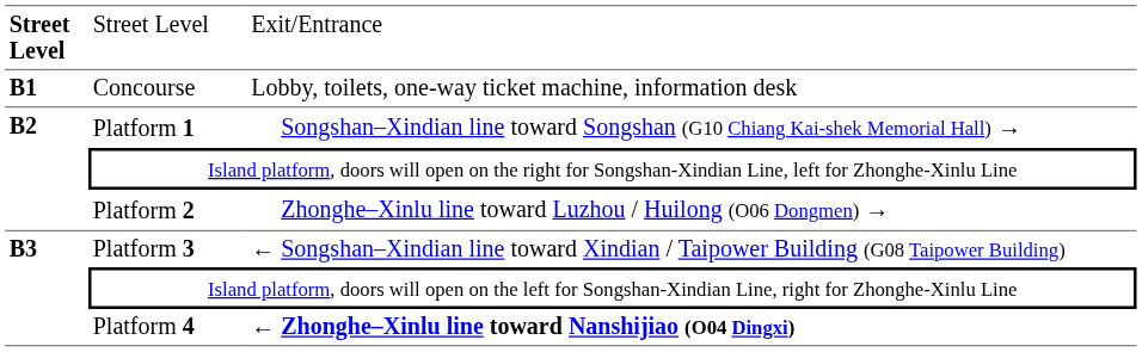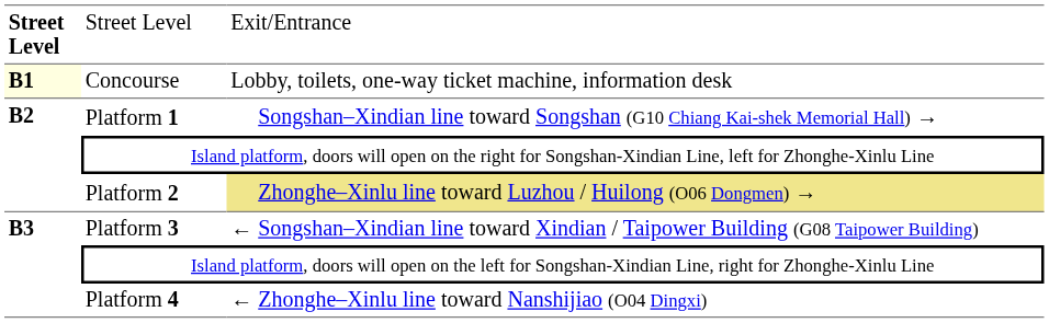 <table table border=0 cellspacing=0 cellpadding=3>
 <tr>
 <td style="border-top:solid 1px gray;border-bottom:solid 1px gray;" width=50 valign=top><strong>Street Level</strong></td>
 <td style="border-top:solid 1px gray;border-bottom:solid 1px gray;" width=100 valign=top>Street Level</td>
 <td style="border-top:solid 1px gray;border-bottom:solid 1px gray;" width=590 valign=top>Exit/Entrance</td>
 </tr>
 <tr>
-<td style="border-bottom:solid 1px gray;" width=50 valign=top><strong>B1</strong></td>
+<td style="background: lightyellow; border-bottom:solid 1px gray;" width=50 valign=top><strong>B1</strong></td>
 <td style="border-bottom:solid 1px gray;" width=100 valign=top>Concourse</td>
 <td style="border-bottom:solid 1px gray;" width=590 valign=top>Lobby, toilets, one-way ticket machine, information desk</td>
 </tr>
 <tr>
 <td style="border-bottom:solid 1px gray;" rowspan=3 valign=top><strong>B2</strong></td>
 <td>Platform <span><strong>1</strong></span></td>
 <td>　 <a href='#'>Songshan–Xindian line</a> toward <a href='#'>Songshan</a> <small>(G10 <a href='#'>Chiang Kai-shek Memorial Hall</a>)</small> →</td>
 </tr>
 <tr>
 <td style="border-top:solid 2px black;border-right:solid 2px black;border-left:solid 2px black;border-bottom:solid 2px black;text-align:center;" colspan=2><small><a href='#'>Island platform</a>, doors will open on the right for Songshan-Xindian Line, left for Zhonghe-Xinlu Line</small></td>
 </tr>
 <tr>
 <td style="border-bottom:solid 1px gray;">Platform <span><strong>2</strong></span></td>
-<td style="border-bottom:solid 1px gray;">　 <a href='#'>Zhonghe–Xinlu line</a> toward <a href='#'>Luzhou</a> / <a href='#'>Huilong</a> <small>(O06 <a href='#'>Dongmen</a>)</small> →</td>
+<td style="background: khaki; border-bottom:solid 1px gray;">　 <a href='#'>Zhonghe–Xinlu line</a> toward <a href='#'>Luzhou</a> / <a href='#'>Huilong</a> <small>(O06 <a href='#'>Dongmen</a>)</small> →</td>
 </tr>
 <tr>
 <td style="border-bottom:solid 1px gray;" rowspan=3 valign=top><strong>B3</strong></td>
 <td>Platform <span><strong>3</strong></span></td>
 <td>← <a href='#'>Songshan–Xindian line</a> toward <a href='#'>Xindian</a> / <a href='#'>Taipower Building</a> <small>(G08 <a href='#'>Taipower Building</a>)</small></td>
 </tr>
 <tr>
 <td style="border-top:solid 2px black;border-right:solid 2px black;border-left:solid 2px black;border-bottom:solid 2px black;text-align:center;" colspan=2><small><a href='#'>Island platform</a>, doors will open on the left for Songshan-Xindian Line, right for Zhonghe-Xinlu Line</small></td>
 </tr>
 <tr>
 <td style="border-bottom:solid 1px gray;">Platform <span><strong>4</strong></span></td>
-<td style="border-bottom:solid 1px gray;"><strong>← <a href='#'>Zhonghe–Xinlu line</a> toward <a href='#'>Nanshijiao</a> <small>(O04 <a href='#'>Dingxi</a>)</small></strong></td>
+<td style="border-bottom:solid 1px gray;">← <a href='#'>Zhonghe–Xinlu line</a> toward <a href='#'>Nanshijiao</a> <small>(O04 <a href='#'>Dingxi</a>)</small></td>
 </tr>
 </table>
